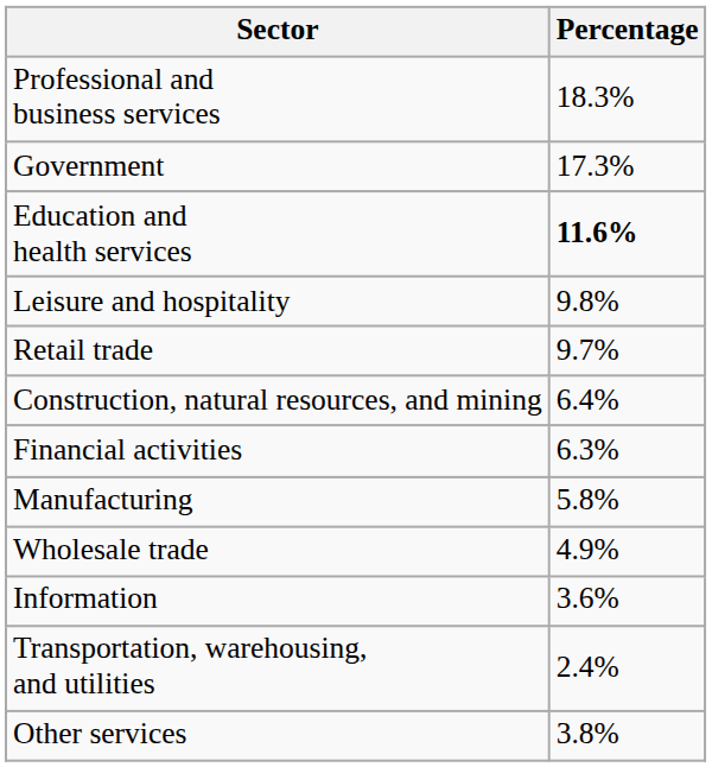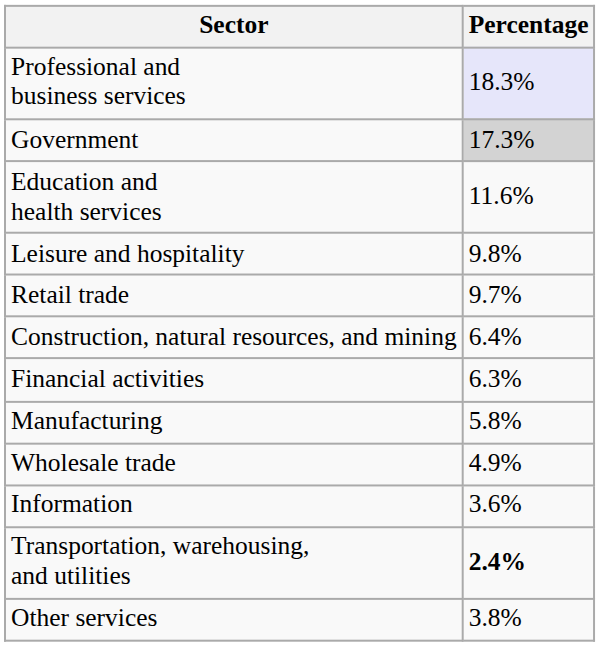 <table class="wikitable" style="float:left; font-size:80%;">
 <tr>
 <th>Sector</th>
 <th>Percentage</th>
 </tr>
 <tr>
 <td>Professional and<br>business services</td>
-<td>18.3%</td>
+<td style="background: lavender;">18.3%</td>
 </tr>
 <tr>
 <td>Government</td>
-<td>17.3%</td>
+<td style="background: lightgrey;">17.3%</td>
 </tr>
 <tr>
 <td>Education and<br>health services</td>
-<td><strong>11.6%</strong></td>
+<td>11.6%</td>
 </tr>
 <tr>
 <td>Leisure and hospitality</td>
 <td>9.8%</td>
 </tr>
 <tr>
 <td>Retail trade</td>
 <td>9.7%</td>
 </tr>
 <tr>
 <td>Construction, natural resources, and mining</td>
 <td>6.4%</td>
 </tr>
 <tr>
 <td>Financial activities</td>
 <td>6.3%</td>
 </tr>
 <tr>
 <td>Manufacturing</td>
 <td>5.8%</td>
 </tr>
 <tr>
 <td>Wholesale trade</td>
 <td>4.9%</td>
 </tr>
 <tr>
 <td>Information</td>
 <td>3.6%</td>
 </tr>
 <tr>
 <td>Transportation, warehousing,<br>and utilities</td>
-<td>2.4%</td>
+<td><strong>2.4%</strong></td>
 </tr>
 <tr>
 <td>Other services</td>
 <td>3.8%</td>
 </tr>
 </table>
